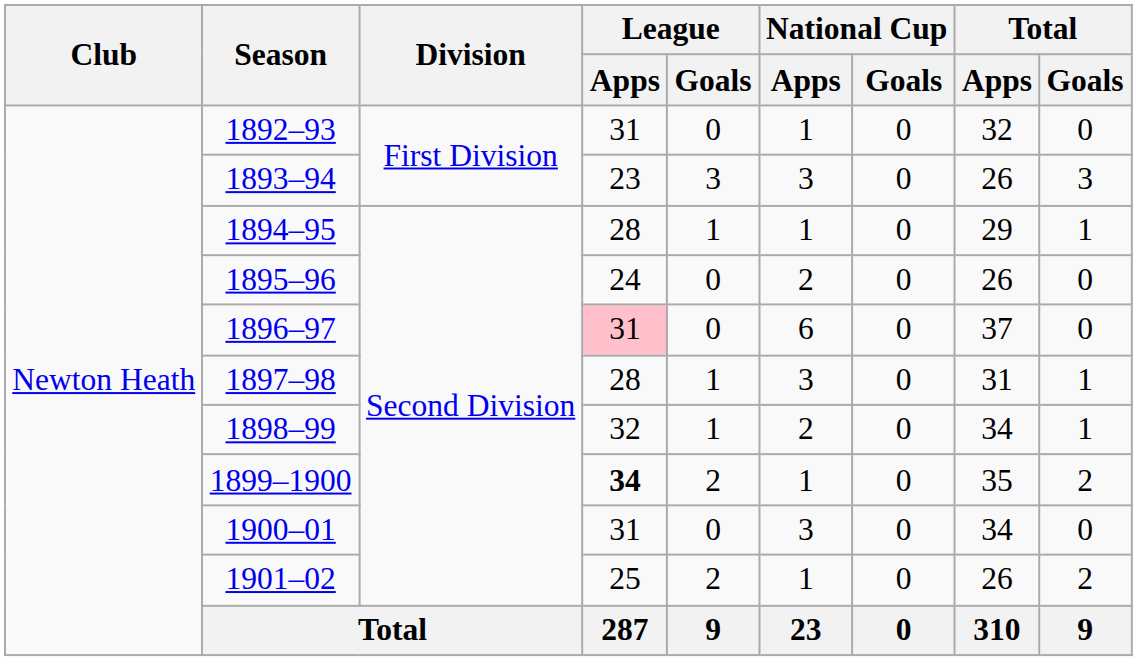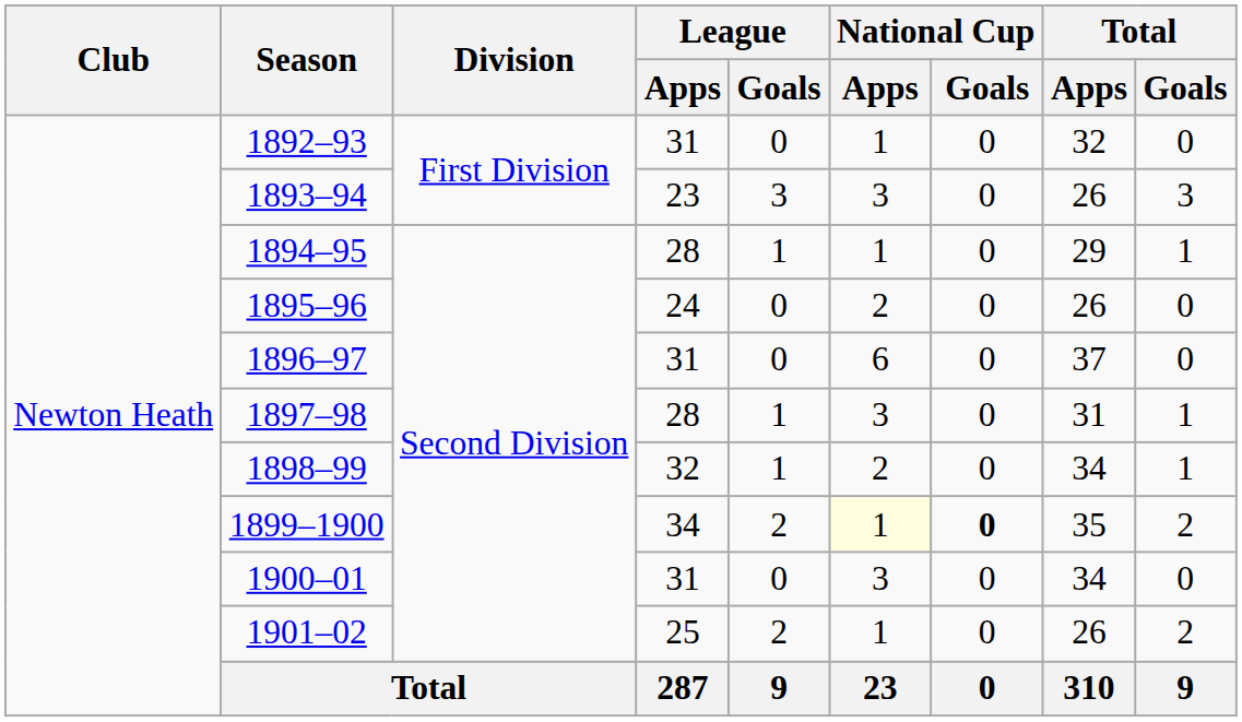 <table class="wikitable" style="text-align:center">
 <tr>
 <th rowspan="2">Club</th>
 <th rowspan="2">Season</th>
 <th rowspan="2">Division</th>
 <th colspan="2">League</th>
 <th colspan="2">National Cup</th>
 <th colspan="2">Total</th>
 </tr>
 <tr>
 <th>Apps</th>
 <th>Goals</th>
 <th>Apps</th>
 <th>Goals</th>
 <th>Apps</th>
 <th>Goals</th>
 </tr>
 <tr>
 <td rowspan="11"><a href='#'>Newton Heath</a></td>
 <td><a href='#'>1892–93</a></td>
 <td rowspan="2"><a href='#'>First Division</a></td>
 <td>31</td>
 <td>0</td>
 <td>1</td>
 <td>0</td>
 <td>32</td>
 <td>0</td>
 </tr>
 <tr>
 <td><a href='#'>1893–94</a></td>
 <td>23</td>
 <td>3</td>
 <td>3</td>
 <td>0</td>
 <td>26</td>
 <td>3</td>
 </tr>
 <tr>
 <td><a href='#'>1894–95</a></td>
 <td rowspan="8"><a href='#'>Second Division</a></td>
 <td>28</td>
 <td>1</td>
 <td>1</td>
 <td>0</td>
 <td>29</td>
 <td>1</td>
 </tr>
 <tr>
 <td><a href='#'>1895–96</a></td>
 <td>24</td>
 <td>0</td>
 <td>2</td>
 <td>0</td>
 <td>26</td>
 <td>0</td>
 </tr>
 <tr>
 <td><a href='#'>1896–97</a></td>
-<td style="background: pink;">31</td>
+<td>31</td>
 <td>0</td>
 <td>6</td>
 <td>0</td>
 <td>37</td>
 <td>0</td>
 </tr>
 <tr>
 <td><a href='#'>1897–98</a></td>
 <td>28</td>
 <td>1</td>
 <td>3</td>
 <td>0</td>
 <td>31</td>
 <td>1</td>
 </tr>
 <tr>
 <td><a href='#'>1898–99</a></td>
 <td>32</td>
 <td>1</td>
 <td>2</td>
 <td>0</td>
 <td>34</td>
 <td>1</td>
 </tr>
 <tr>
 <td><a href='#'>1899–1900</a></td>
-<td><strong>34</strong></td>
+<td>34</td>
 <td>2</td>
-<td>1</td>
-<td>0</td>
+<td style="background: lightyellow;">1</td>
+<td><strong>0</strong></td>
 <td>35</td>
 <td>2</td>
 </tr>
 <tr>
 <td><a href='#'>1900–01</a></td>
 <td>31</td>
 <td>0</td>
 <td>3</td>
 <td>0</td>
 <td>34</td>
 <td>0</td>
 </tr>
 <tr>
 <td><a href='#'>1901–02</a></td>
 <td>25</td>
 <td>2</td>
 <td>1</td>
 <td>0</td>
 <td>26</td>
 <td>2</td>
 </tr>
 <tr>
 <th colspan="2">Total</th>
 <th>287</th>
 <th>9</th>
 <th>23</th>
 <th>0</th>
 <th>310</th>
 <th>9</th>
 </tr>
 </table>
